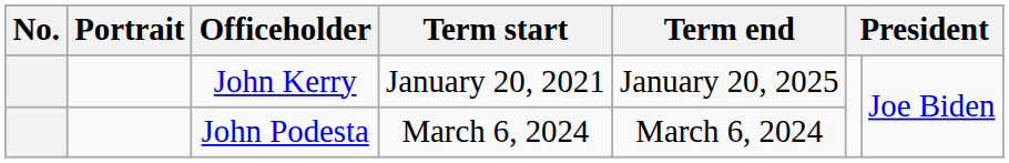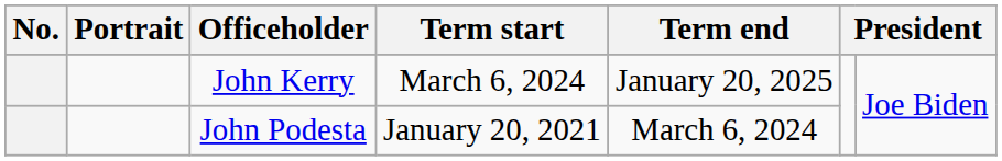 <table class="wikitable" style="text-align:center">
 <tr>
 <th>No.</th>
 <th>Portrait</th>
 <th>Officeholder</th>
 <th>Term start</th>
 <th>Term end</th>
 <th colspan="2">President</th>
 </tr>
 <tr>
 <th style="background: "></th>
 <td></td>
 <td><a href='#'>John Kerry</a></td>
-<td>January 20, 2021</td>
+<td>March 6, 2024</td>
 <td>January 20, 2025</td>
 <td rowspan="2" style="background: "></td>
 <td rowspan="2"><a href='#'>Joe Biden</a></td>
 </tr>
 <tr>
 <th style="background: "></th>
 <td></td>
 <td><a href='#'>John Podesta</a></td>
-<td>March 6, 2024</td>
+<td>January 20, 2021</td>
 <td>March 6, 2024</td>
 </tr>
 </table>
